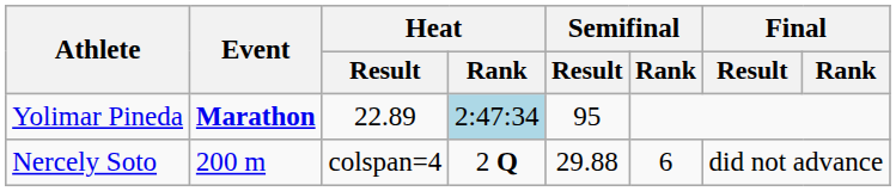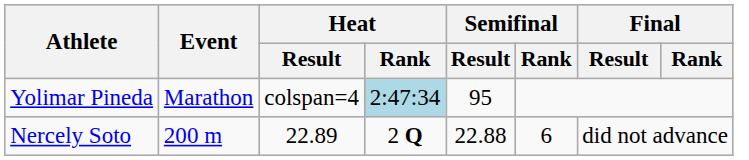 <table class="wikitable" style="font-size:90%">
 <tr>
 <th rowspan="2">Athlete</th>
 <th rowspan="2">Event</th>
 <th colspan="2">Heat</th>
 <th colspan="2">Semifinal</th>
 <th colspan="2">Final</th>
 </tr>
 <tr style="font-size:95%">
 <th>Result</th>
 <th>Rank</th>
 <th>Result</th>
 <th>Rank</th>
 <th>Result</th>
 <th>Rank</th>
 </tr>
 <tr align=center>
 <td align=left><a href='#'>Yolimar Pineda</a></td>
-<td align=left><strong><a href='#'>Marathon</a></strong></td>
-<td>22.89</td>
+<td align=left><a href='#'>Marathon</a></td>
+<td>colspan=4 </td>
 <td style="background: lightblue;">2:47:34</td>
 <td>95</td>
 </tr>
 <tr align=center>
 <td align=left><a href='#'>Nercely Soto</a></td>
 <td align=left><a href='#'>200 m</a></td>
-<td>colspan=4 </td>
+<td>22.89</td>
 <td>2 <strong>Q</strong></td>
-<td>29.88</td>
+<td>22.88</td>
 <td>6</td>
 <td colspan="2">did not advance</td>
 </tr>
 </table>
